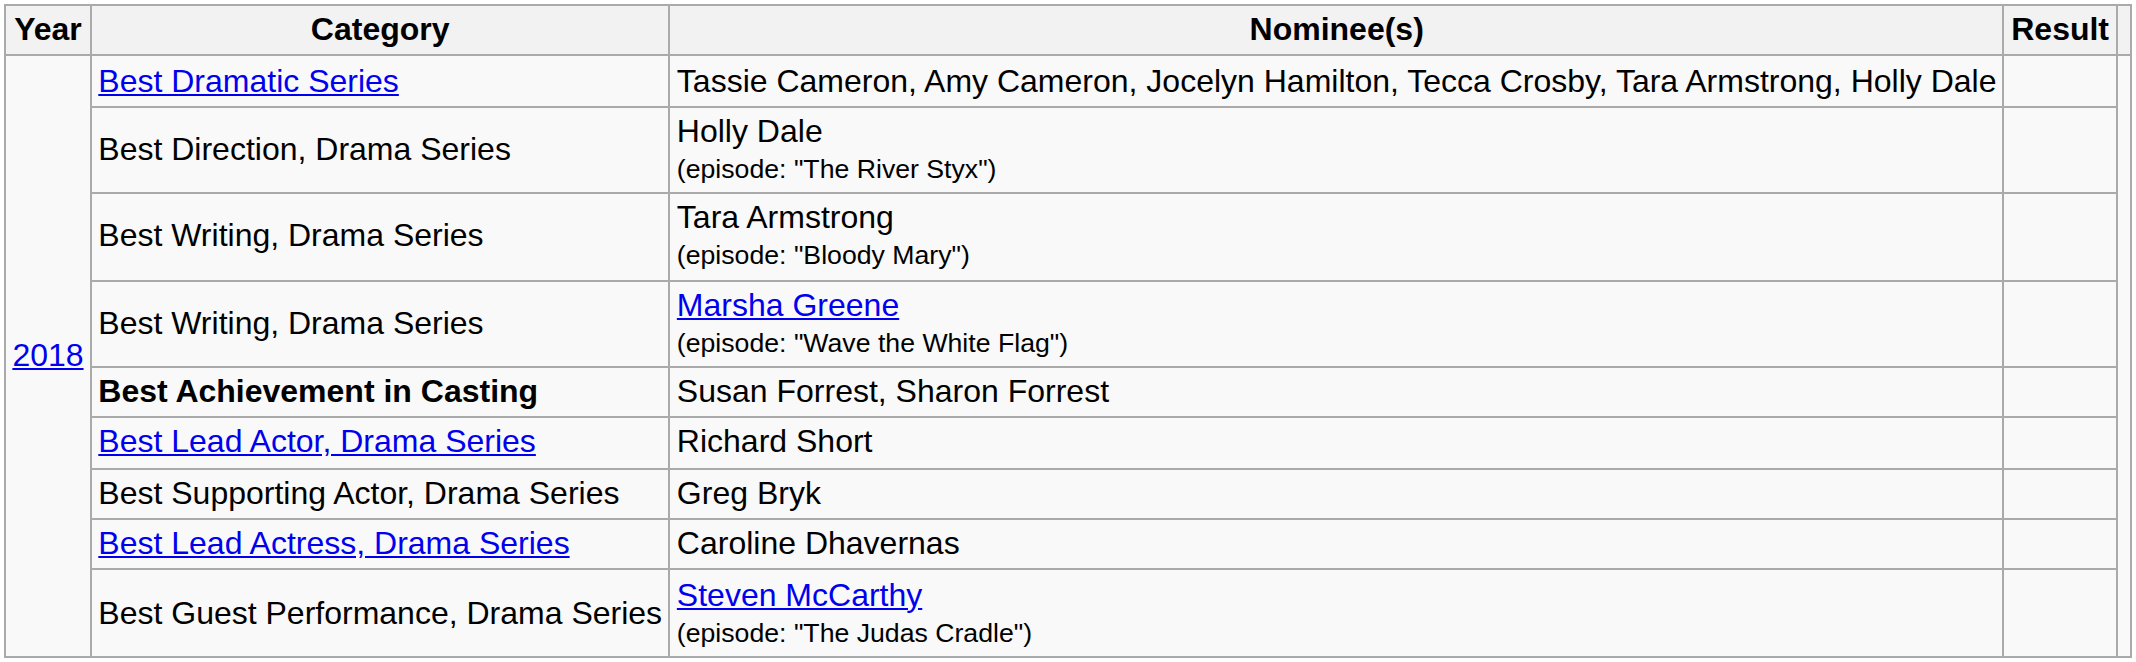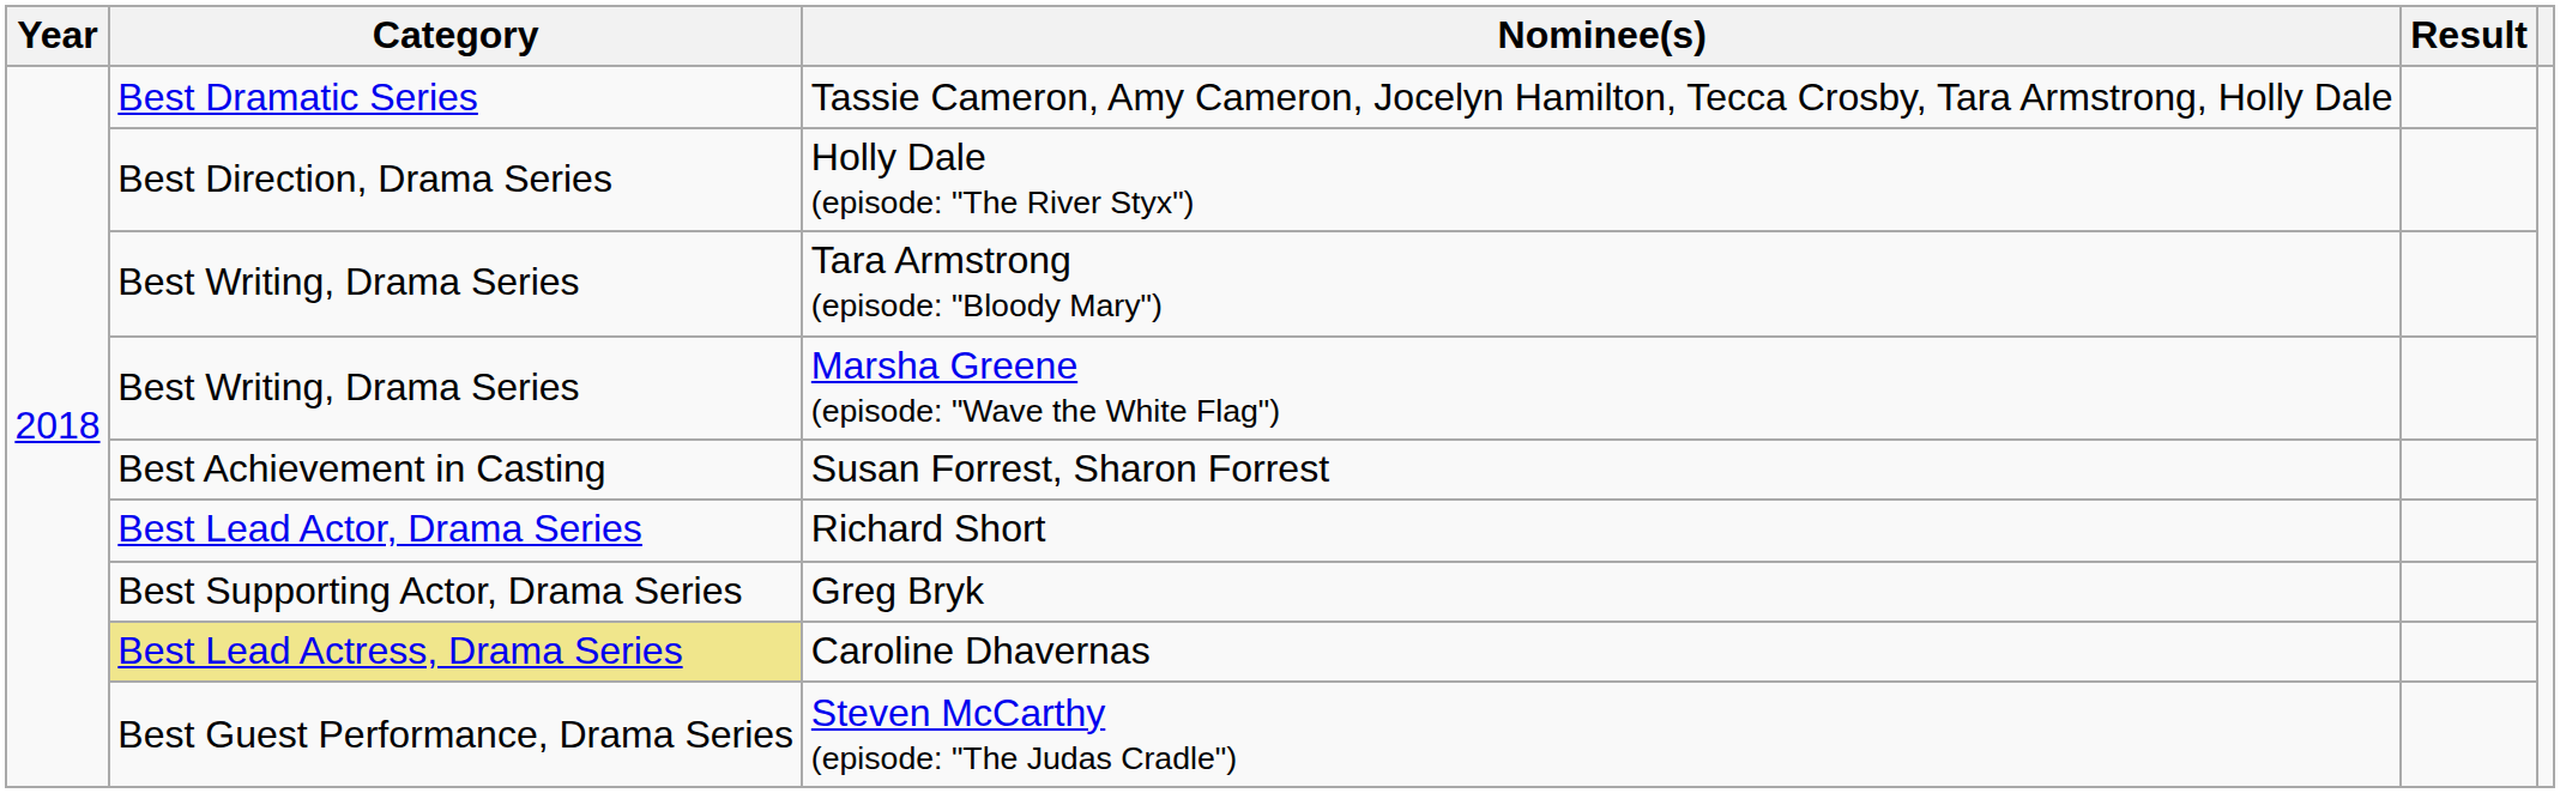 <table class=wikitable>
 <tr>
 <th>Year</th>
 <th>Category</th>
 <th>Nominee(s)</th>
 <th>Result</th>
 <th></th>
 </tr>
 <tr>
 <td rowspan=9><a href='#'>2018</a></td>
 <td><a href='#'>Best Dramatic Series</a></td>
 <td>Tassie Cameron, Amy Cameron, Jocelyn Hamilton, Tecca Crosby, Tara Armstrong, Holly Dale</td>
 <td></td>
 <td rowspan=9></td>
 </tr>
 <tr>
 <td>Best Direction, Drama Series</td>
 <td>Holly Dale<br><small>(episode: "The River Styx")</small></td>
 <td></td>
 </tr>
 <tr>
 <td>Best Writing, Drama Series</td>
 <td>Tara Armstrong<br><small>(episode: "Bloody Mary")</small></td>
 <td></td>
 </tr>
 <tr>
 <td>Best Writing, Drama Series</td>
 <td><a href='#'>Marsha Greene</a><br><small>(episode: "Wave the White Flag")</small></td>
 <td></td>
 </tr>
 <tr>
-<td><strong>Best Achievement in Casting</strong></td>
+<td>Best Achievement in Casting</td>
 <td>Susan Forrest, Sharon Forrest</td>
 <td></td>
 </tr>
 <tr>
 <td><a href='#'>Best Lead Actor, Drama Series</a></td>
 <td>Richard Short</td>
 <td></td>
 </tr>
 <tr>
 <td>Best Supporting Actor, Drama Series</td>
 <td>Greg Bryk</td>
 <td></td>
 </tr>
 <tr>
-<td><a href='#'>Best Lead Actress, Drama Series</a></td>
+<td style="background: khaki;"><a href='#'>Best Lead Actress, Drama Series</a></td>
 <td>Caroline Dhavernas</td>
 <td></td>
 </tr>
 <tr>
 <td>Best Guest Performance, Drama Series</td>
 <td><a href='#'>Steven McCarthy</a><br><small>(episode: "The Judas Cradle")</small></td>
 <td></td>
 </tr>
 </table>
